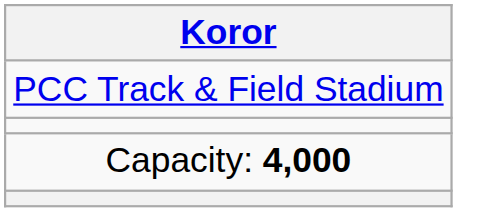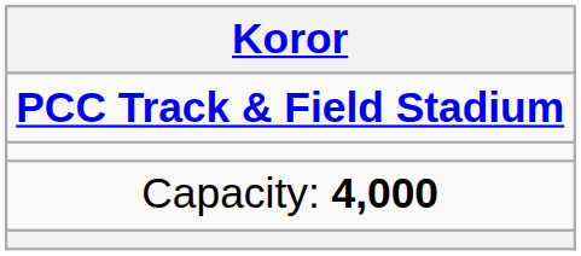 <table class=wikitable style="text-align:center;">
 <tr>
 <th><a href='#'>Koror</a></th>
 </tr>
 <tr>
-<td><a href='#'>PCC Track & Field Stadium</a></td>
+<td><strong><a href='#'>PCC Track & Field Stadium</a></strong></td>
 </tr>
 <tr>
 <td><small></small></td>
 </tr>
 <tr>
 <td>Capacity: <strong>4,000</strong></td>
 </tr>
 <tr>
 <th rowspan=15 colspan=2></th>
 </tr>
 </table>
